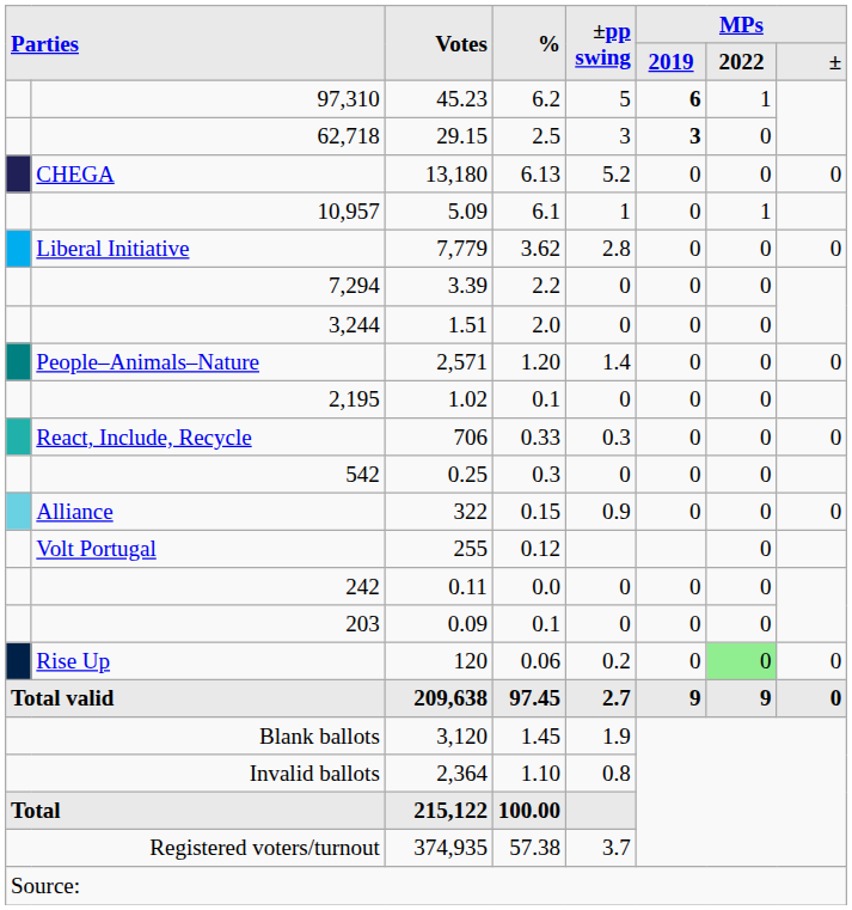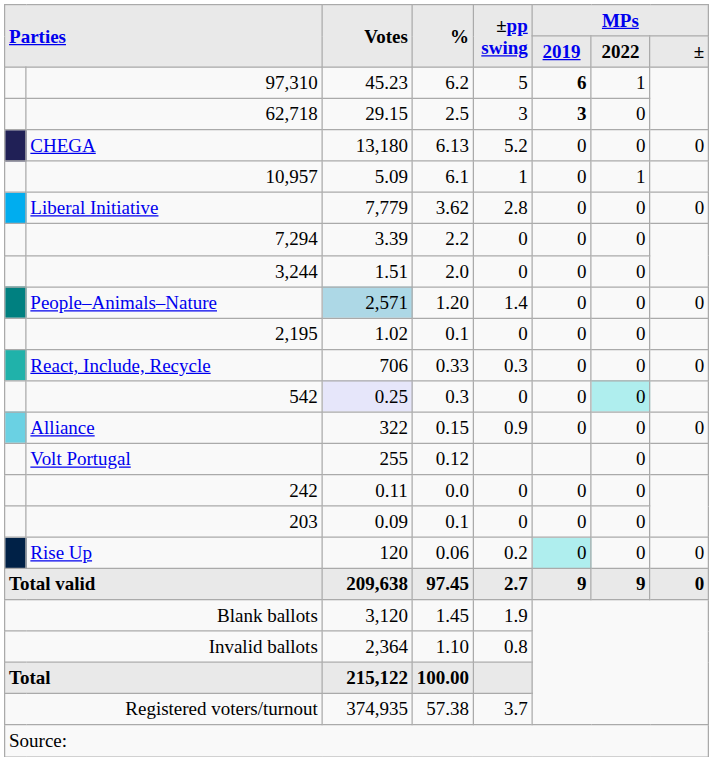 <table class="wikitable" style="text-align:right; font-size:95%;">
 <tr>
 <th rowspan="2" colspan="2" style="background:#e9e9e9; text-align:left;" alignleft><a href='#'>Parties</a></th>
 <th rowspan="2" style="background:#e9e9e9; text-align:right;">Votes</th>
 <th rowspan="2" style="background:#e9e9e9; text-align:right;">%</th>
 <th rowspan="2" style="background:#e9e9e9; text-align:right;">±<a href='#'>pp</a> <a href='#'>swing</a></th>
 <th colspan="3" style="background:#e9e9e9; text-align:center;"><a href='#'>MPs</a></th>
 </tr>
 <tr style="background-color:#E9E9E9">
 <th style="background-color:#E9E9E9;text-align:center;"><a href='#'>2019</a></th>
 <th style="background-color:#E9E9E9;text-align:center;">2022</th>
 <th style="background:#e9e9e9; text-align:right;">±</th>
 </tr>
 <tr>
 <td></td>
 <td>97,310</td>
 <td>45.23</td>
 <td>6.2</td>
 <td>5</td>
 <td><strong>6</strong></td>
 <td>1</td>
 </tr>
 <tr>
 <td></td>
 <td>62,718</td>
 <td>29.15</td>
 <td>2.5</td>
 <td>3</td>
 <td><strong>3</strong></td>
 <td>0</td>
 </tr>
 <tr>
 <td style="width: 10px" bgcolor="#202056" align="center"></td>
 <td align="left"><a href='#'>CHEGA</a></td>
 <td>13,180</td>
 <td>6.13</td>
 <td>5.2</td>
 <td>0</td>
 <td>0</td>
 <td>0</td>
 </tr>
 <tr>
 <td></td>
 <td>10,957</td>
 <td>5.09</td>
 <td>6.1</td>
 <td>1</td>
 <td>0</td>
 <td>1</td>
 </tr>
 <tr>
 <td style="width: 10px" bgcolor="#00ADEF" align="center"></td>
 <td align="left"><a href='#'>Liberal Initiative</a></td>
 <td>7,779</td>
 <td>3.62</td>
 <td>2.8</td>
 <td>0</td>
 <td>0</td>
 <td>0</td>
 </tr>
 <tr>
 <td></td>
 <td>7,294</td>
 <td>3.39</td>
 <td>2.2</td>
 <td>0</td>
 <td>0</td>
 <td>0</td>
 </tr>
 <tr>
 <td></td>
 <td>3,244</td>
 <td>1.51</td>
 <td>2.0</td>
 <td>0</td>
 <td>0</td>
 <td>0</td>
 </tr>
 <tr>
 <td style="width: 10px" bgcolor="teal" align="center"></td>
 <td align="left"><a href='#'>People–Animals–Nature</a></td>
-<td>2,571</td>
+<td style="background: lightblue;">2,571</td>
 <td>1.20</td>
 <td>1.4</td>
 <td>0</td>
 <td>0</td>
 <td>0</td>
 </tr>
 <tr>
 <td></td>
 <td>2,195</td>
 <td>1.02</td>
 <td>0.1</td>
 <td>0</td>
 <td>0</td>
 <td>0</td>
 </tr>
 <tr>
 <td style="width: 10px" bgcolor="LightSeaGreen" align="center"></td>
 <td align="left"><a href='#'>React, Include, Recycle</a></td>
 <td>706</td>
 <td>0.33</td>
 <td>0.3</td>
 <td>0</td>
 <td>0</td>
 <td>0</td>
 </tr>
 <tr>
 <td></td>
 <td>542</td>
-<td>0.25</td>
+<td style="background: lavender;">0.25</td>
 <td>0.3</td>
 <td>0</td>
 <td>0</td>
-<td>0</td>
+<td style="background: paleturquoise;">0</td>
 </tr>
 <tr>
 <td style="width: 10px" bgcolor="#6AD1E3" align="center"></td>
 <td align="left"><a href='#'>Alliance</a></td>
 <td>322</td>
 <td>0.15</td>
 <td>0.9</td>
 <td>0</td>
 <td>0</td>
 <td>0</td>
 </tr>
 <tr>
 <td style="width: 10px"></td>
 <td align="left"><a href='#'>Volt Portugal</a></td>
 <td>255</td>
 <td>0.12</td>
 <td></td>
 <td></td>
 <td>0</td>
 <td></td>
 </tr>
 <tr>
 <td></td>
 <td>242</td>
 <td>0.11</td>
 <td>0.0</td>
 <td>0</td>
 <td>0</td>
 <td>0</td>
 </tr>
 <tr>
 <td></td>
 <td>203</td>
 <td>0.09</td>
 <td>0.1</td>
 <td>0</td>
 <td>0</td>
 <td>0</td>
 </tr>
 <tr>
 <td style="width: 10px" bgcolor="#002147" align="center"></td>
 <td align="left"><a href='#'>Rise Up</a></td>
 <td>120</td>
 <td>0.06</td>
 <td>0.2</td>
+<td style="background: paleturquoise;">0</td>
 <td>0</td>
-<td style="background: lightgreen;">0</td>
 <td>0</td>
 </tr>
 <tr>
 <td colspan=2 width="247" align=left style="background-color:#E9E9E9"><strong>Total valid</strong></td>
 <td width="65" align="right" style="background-color:#E9E9E9"><strong>209,638</strong></td>
 <td width="40" align="right" style="background-color:#E9E9E9"><strong>97.45</strong></td>
 <td width="40" align="right" style="background-color:#E9E9E9"><strong>2.7</strong></td>
 <td width="40" align="right" style="background-color:#E9E9E9"><strong>9</strong></td>
 <td width="40" align="right" style="background-color:#E9E9E9"><strong>9</strong></td>
 <td width="40" align="right" style="background-color:#E9E9E9"><strong>0</strong></td>
 </tr>
 <tr>
 <td colspan=2>Blank ballots</td>
 <td>3,120</td>
 <td>1.45</td>
 <td>1.9</td>
 <td colspan=4 rowspan=4></td>
 </tr>
 <tr>
 <td colspan=2>Invalid ballots</td>
 <td>2,364</td>
 <td>1.10</td>
 <td>0.8</td>
 </tr>
 <tr>
 <td colspan=2 align=left style="background-color:#E9E9E9"><strong>Total</strong></td>
 <td width="50" align="right" style="background-color:#E9E9E9"><strong>215,122</strong></td>
 <td width="40" align="right" style="background-color:#E9E9E9"><strong>100.00</strong></td>
 <td width="40" align="right" style="background-color:#E9E9E9"></td>
 </tr>
 <tr>
 <td colspan=2>Registered voters/turnout</td>
 <td>374,935</td>
 <td>57.38</td>
 <td>3.7</td>
 </tr>
 <tr>
 <td colspan=11 align=left>Source: </td>
 </tr>
 </table>
